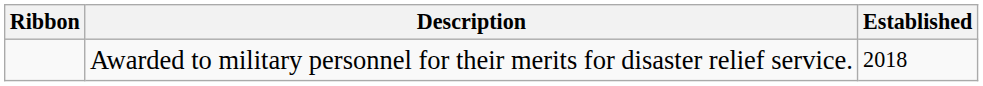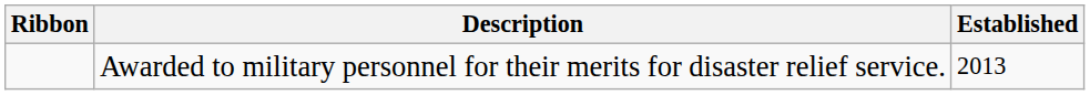 <table class="wikitable">
 <tr>
 <th>Ribbon</th>
 <th>Description</th>
 <th>Established</th>
 </tr>
 <tr>
 <td><big></big></td>
 <td><big>Awarded to military personnel for their merits for disaster relief service.</big></td>
-<td>2018</td>
+<td>2013</td>
 </tr>
 </table>
